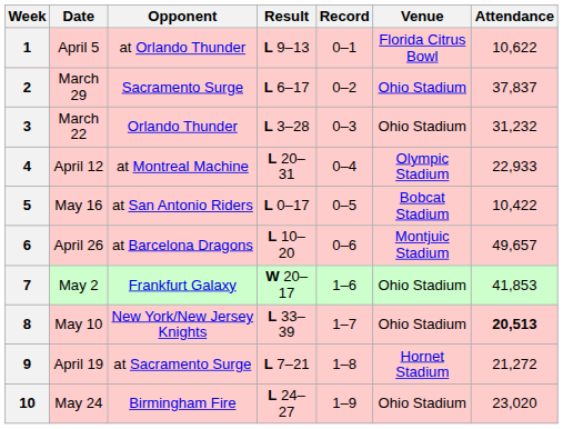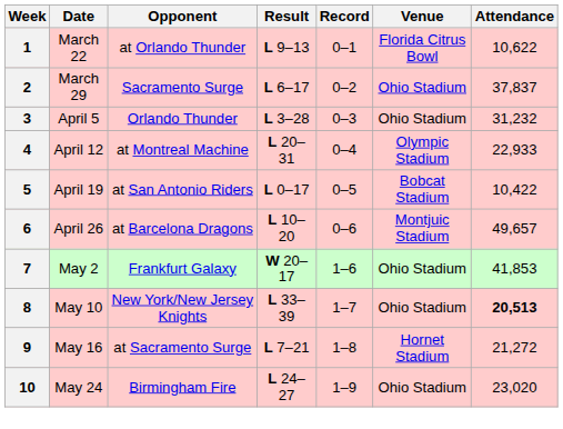 <table class="wikitable" style="text-align:center">
 <tr>
 <th>Week</th>
 <th>Date</th>
 <th>Opponent</th>
 <th>Result</th>
 <th>Record</th>
 <th>Venue</th>
 <th>Attendance</th>
 </tr>
 <tr style="background:#fcc">
 <th>1</th>
-<td>April 5</td>
+<td>March 22</td>
 <td>at <a href='#'>Orlando Thunder</a></td>
 <td><strong>L</strong> 9–13</td>
 <td>0–1</td>
 <td><a href='#'>Florida Citrus Bowl</a></td>
 <td>10,622</td>
 </tr>
 <tr style="background:#fcc">
 <th>2</th>
 <td>March 29</td>
 <td><a href='#'>Sacramento Surge</a></td>
 <td><strong>L</strong> 6–17</td>
 <td>0–2</td>
 <td><a href='#'>Ohio Stadium</a></td>
 <td>37,837</td>
 </tr>
 <tr style="background:#fcc">
 <th>3</th>
-<td>March 22</td>
+<td>April 5</td>
 <td><a href='#'>Orlando Thunder</a></td>
 <td><strong>L</strong> 3–28</td>
 <td>0–3</td>
 <td>Ohio Stadium</td>
 <td>31,232</td>
 </tr>
 <tr style="background:#fcc">
 <th>4</th>
 <td>April 12</td>
 <td>at <a href='#'>Montreal Machine</a></td>
 <td><strong>L</strong> 20–31</td>
 <td>0–4</td>
 <td><a href='#'>Olympic Stadium</a></td>
 <td>22,933</td>
 </tr>
 <tr style="background:#fcc">
 <th>5</th>
-<td>May 16</td>
+<td>April 19</td>
 <td>at <a href='#'>San Antonio Riders</a></td>
 <td><strong>L</strong> 0–17</td>
 <td>0–5</td>
 <td><a href='#'>Bobcat Stadium</a></td>
 <td>10,422</td>
 </tr>
 <tr style="background:#fcc">
 <th>6</th>
 <td>April 26</td>
 <td>at <a href='#'>Barcelona Dragons</a></td>
 <td><strong>L</strong> 10–20</td>
 <td>0–6</td>
 <td><a href='#'>Montjuic Stadium</a></td>
 <td>49,657</td>
 </tr>
 <tr style="background:#cfc">
 <th>7</th>
 <td>May 2</td>
 <td><a href='#'>Frankfurt Galaxy</a></td>
 <td><strong>W</strong> 20–17</td>
 <td>1–6</td>
 <td>Ohio Stadium</td>
 <td>41,853</td>
 </tr>
 <tr style="background:#fcc">
 <th>8</th>
 <td>May 10</td>
 <td><a href='#'>New York/New Jersey Knights</a></td>
 <td><strong>L</strong> 33–39 </td>
 <td>1–7</td>
 <td>Ohio Stadium</td>
 <td><strong>20,513</strong></td>
 </tr>
 <tr style="background:#fcc">
 <th>9</th>
-<td>April 19</td>
+<td>May 16</td>
 <td>at <a href='#'>Sacramento Surge</a></td>
 <td><strong>L</strong> 7–21</td>
 <td>1–8</td>
 <td><a href='#'>Hornet Stadium</a></td>
 <td>21,272</td>
 </tr>
 <tr style="background:#fcc">
 <th>10</th>
 <td>May 24</td>
 <td><a href='#'>Birmingham Fire</a></td>
 <td><strong>L</strong> 24–27</td>
 <td>1–9</td>
 <td>Ohio Stadium</td>
 <td>23,020</td>
 </tr>
 </table>
